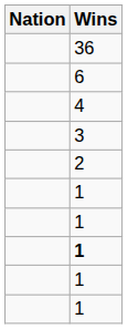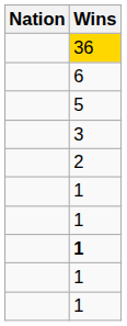 <table class="wikitable">
 <tr>
 <th>Nation</th>
 <th>Wins</th>
 </tr>
 <tr>
 <td></td>
-<td>36</td>
+<td style="background: gold;">36</td>
 </tr>
 <tr>
 <td></td>
 <td>6</td>
 </tr>
 <tr>
 <td></td>
-<td>4</td>
+<td>5</td>
 </tr>
 <tr>
 <td></td>
 <td>3</td>
 </tr>
 <tr>
 <td></td>
 <td>2</td>
 </tr>
 <tr>
 <td></td>
 <td>1</td>
 </tr>
 <tr>
 <td></td>
 <td>1</td>
 </tr>
 <tr>
 <td></td>
 <td><strong>1</strong></td>
 </tr>
 <tr>
 <td></td>
 <td>1</td>
 </tr>
 <tr>
 <td></td>
 <td>1</td>
 </tr>
 </table>
